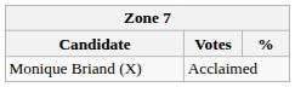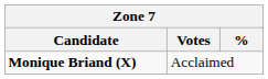 <table class="wikitable">
 <tr>
 <th colspan="3">Zone 7</th>
 </tr>
 <tr>
 <th style="width: 170px">Candidate</th>
 <th style="width: 50px">Votes</th>
 <th style="width: 40px">%</th>
 </tr>
 <tr>
-<td>Monique Briand (X)</td>
+<td><strong>Monique Briand (X)</strong></td>
 <td colspan="2">Acclaimed</td>
 </tr>
 </table>
